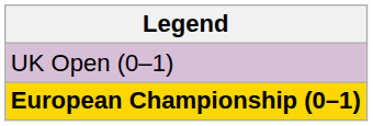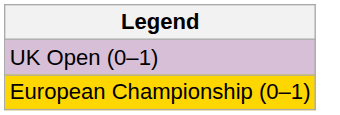 <table class="wikitable">
 <tr>
 <th>Legend</th>
 </tr>
 <tr style="background:thistle">
 <td>UK Open (0–1)</td>
 </tr>
 <tr style="background:gold;">
-<td><strong>European Championship (0–1)</strong></td>
+<td>European Championship (0–1)</td>
 </tr>
 </table>
